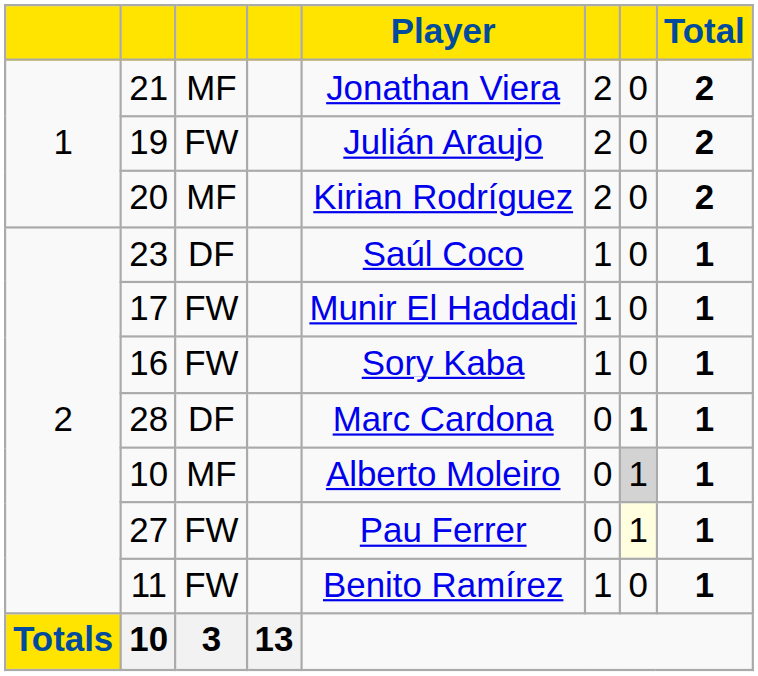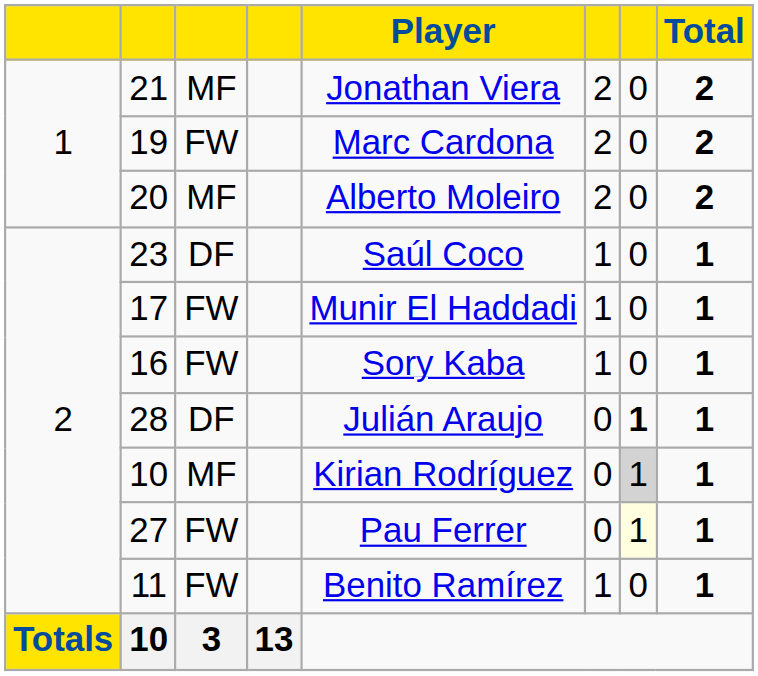 <table class="wikitable" style="text-align:center;">
 <tr>
 <th style="background:#ffe400; color:#004b9d; "></th>
 <th style="background:#ffe400; color:#004b9d; "></th>
 <th style="background:#ffe400; color:#004b9d; "></th>
 <th style="background:#ffe400; color:#004b9d; "></th>
 <th style="background:#ffe400; color:#004b9d; ">Player</th>
 <th style="background:#ffe400; color:#004b9d; "></th>
 <th style="background:#ffe400; color:#004b9d; "></th>
 <th style="background:#ffe400; color:#004b9d; ">Total</th>
 </tr>
 <tr>
 <td rowspan=3>1</td>
 <td>21</td>
 <td>MF</td>
 <td></td>
 <td><a href='#'>Jonathan Viera</a></td>
 <td>2</td>
 <td>0</td>
 <td><strong>2</strong></td>
 </tr>
 <tr>
 <td>19</td>
 <td>FW</td>
 <td></td>
-<td><a href='#'>Julián Araujo</a></td>
+<td><a href='#'>Marc Cardona</a></td>
 <td>2</td>
 <td>0</td>
 <td><strong>2</strong></td>
 </tr>
 <tr>
 <td>20</td>
 <td>MF</td>
 <td></td>
-<td><a href='#'>Kirian Rodríguez</a></td>
+<td><a href='#'>Alberto Moleiro</a></td>
 <td>2</td>
 <td>0</td>
 <td><strong>2</strong></td>
 </tr>
 <tr>
 <td rowspan=7>2</td>
 <td>23</td>
 <td>DF</td>
 <td></td>
 <td><a href='#'>Saúl Coco</a></td>
 <td>1</td>
 <td>0</td>
 <td><strong>1</strong></td>
 </tr>
 <tr>
 <td>17</td>
 <td>FW</td>
 <td></td>
 <td><a href='#'>Munir El Haddadi</a></td>
 <td>1</td>
 <td>0</td>
 <td><strong>1</strong></td>
 </tr>
 <tr>
 <td>16</td>
 <td>FW</td>
 <td></td>
 <td><a href='#'>Sory Kaba</a></td>
 <td>1</td>
 <td>0</td>
 <td><strong>1</strong></td>
 </tr>
 <tr>
 <td>28</td>
 <td>DF</td>
 <td></td>
-<td><a href='#'>Marc Cardona</a></td>
+<td><a href='#'>Julián Araujo</a></td>
 <td>0</td>
 <td><strong>1</strong></td>
 <td><strong>1</strong></td>
 </tr>
 <tr>
 <td>10</td>
 <td>MF</td>
 <td></td>
-<td><a href='#'>Alberto Moleiro</a></td>
+<td><a href='#'>Kirian Rodríguez</a></td>
 <td>0</td>
 <td style="background: lightgrey;">1</td>
 <td><strong>1</strong></td>
 </tr>
 <tr>
 <td>27</td>
 <td>FW</td>
 <td></td>
 <td><a href='#'>Pau Ferrer</a></td>
 <td>0</td>
 <td style="background: lightyellow;">1</td>
 <td><strong>1</strong></td>
 </tr>
 <tr>
 <td>11</td>
 <td>FW</td>
 <td></td>
 <td><a href='#'>Benito Ramírez</a></td>
 <td>1</td>
 <td>0</td>
 <td><strong>1</strong></td>
 </tr>
 <tr>
 <th style="background:#ffe400; color:#004b9d; "><strong>Totals</strong></th>
 <th><strong>10</strong></th>
 <th><strong>3</strong></th>
 <th><strong>13</strong></th>
 </tr>
 </table>
